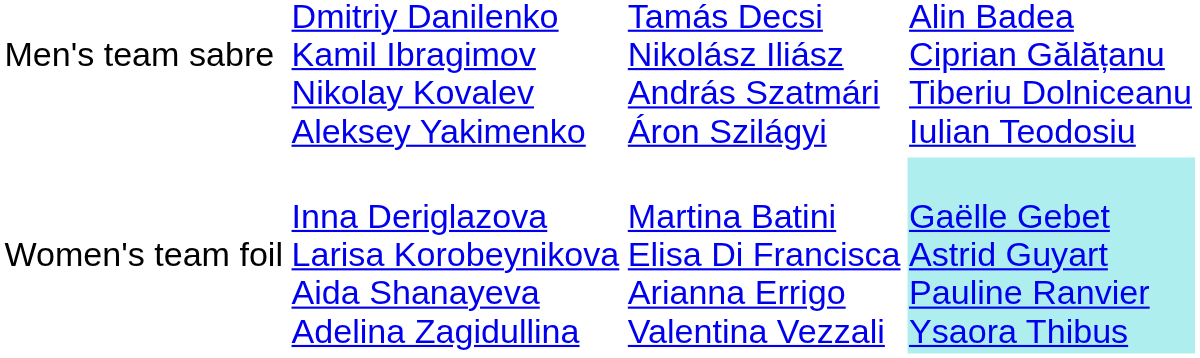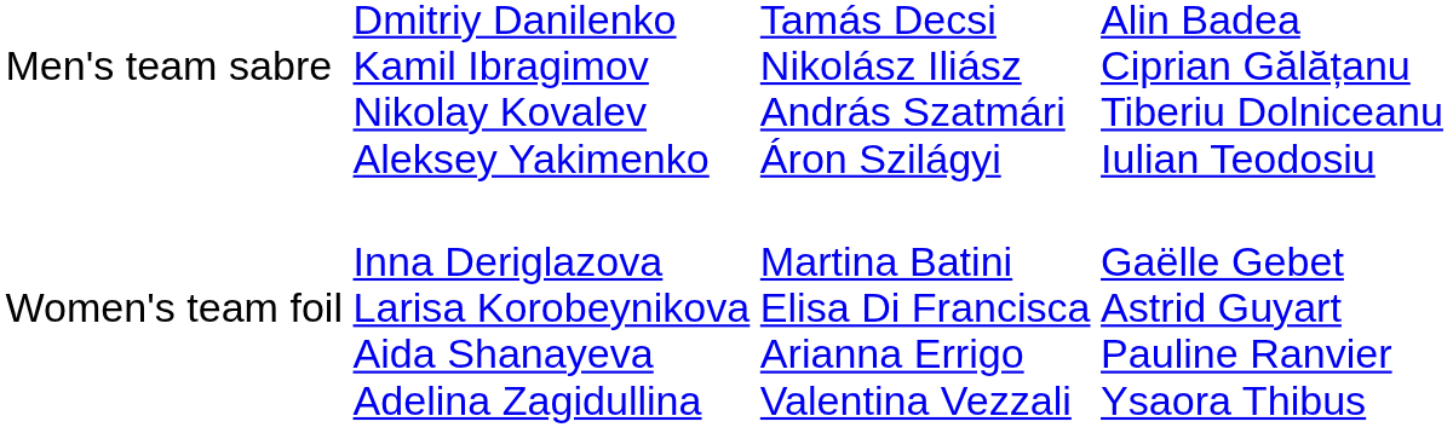 <table>
 <tr>
 <td>Men's team sabre<br></td>
 <td><br><a href='#'>Dmitriy Danilenko</a><br><a href='#'>Kamil Ibragimov</a><br><a href='#'>Nikolay Kovalev</a><br><a href='#'>Aleksey Yakimenko</a></td>
 <td><br><a href='#'>Tamás Decsi</a><br><a href='#'>Nikolász Iliász</a><br><a href='#'>András Szatmári</a><br><a href='#'>Áron Szilágyi</a></td>
 <td><br><a href='#'>Alin Badea</a><br><a href='#'>Ciprian Gălățanu</a><br><a href='#'>Tiberiu Dolniceanu</a><br><a href='#'>Iulian Teodosiu</a></td>
 </tr>
 <tr>
 <td>Women's team foil<br></td>
 <td><br><a href='#'>Inna Deriglazova</a><br><a href='#'>Larisa Korobeynikova</a><br><a href='#'>Aida Shanayeva</a><br><a href='#'>Adelina Zagidullina</a></td>
 <td><br><a href='#'>Martina Batini</a><br><a href='#'>Elisa Di Francisca</a><br><a href='#'>Arianna Errigo</a><br><a href='#'>Valentina Vezzali</a></td>
-<td style="background: paleturquoise;"><br><a href='#'>Gaëlle Gebet</a><br><a href='#'>Astrid Guyart</a><br><a href='#'>Pauline Ranvier</a><br><a href='#'>Ysaora Thibus</a></td>
+<td><br><a href='#'>Gaëlle Gebet</a><br><a href='#'>Astrid Guyart</a><br><a href='#'>Pauline Ranvier</a><br><a href='#'>Ysaora Thibus</a></td>
 </tr>
 </table>
